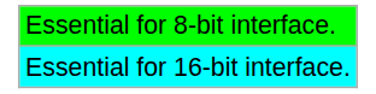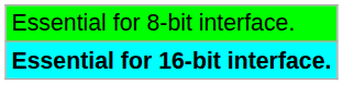 <table class="wikitable" style="margin-left: auto; margin-right: auto; border: none;">
 <tr>
 <td bgcolor="#00FF00">Essential for 8-bit interface.</td>
 </tr>
 <tr>
-<td bgcolor="#00FFFF">Essential for 16-bit interface.</td>
+<td bgcolor="#00FFFF"><strong>Essential for 16-bit interface.</strong></td>
 </tr>
 </table>
